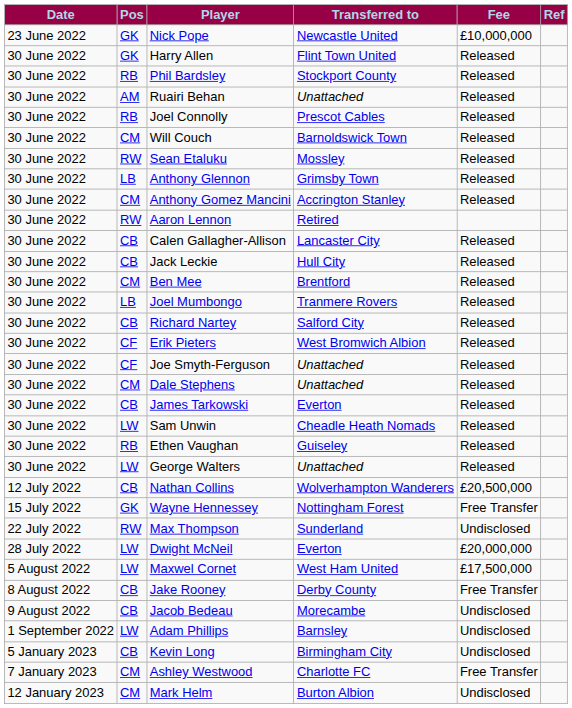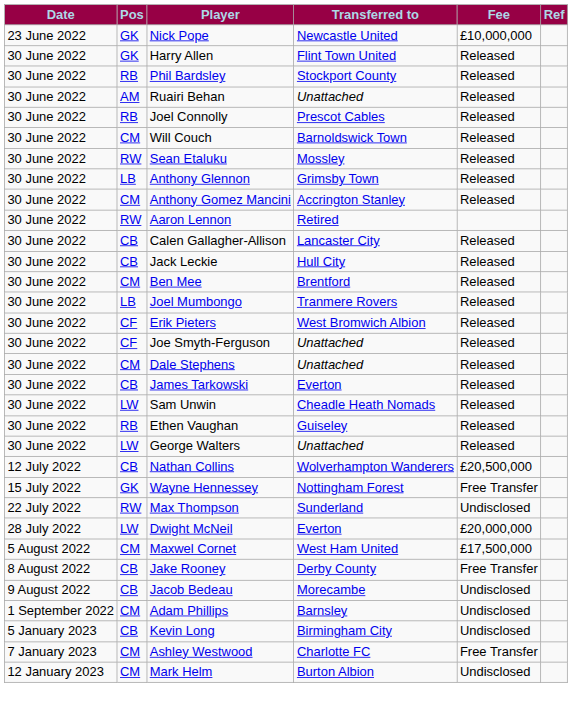 <table class="wikitable plainrowheaders sortable">
 <tr>
 <th style="background:#970045; color:#ADD8E6; ">Date</th>
 <th style="background:#970045; color:#ADD8E6; ">Pos</th>
 <th style="background:#970045; color:#ADD8E6; ">Player</th>
 <th style="background:#970045; color:#ADD8E6; ">Transferred to</th>
 <th style="background:#970045; color:#ADD8E6; ">Fee</th>
 <th style="background:#970045; color:#ADD8E6; ">Ref</th>
 </tr>
 <tr>
 <td>23 June 2022</td>
 <td><a href='#'>GK</a></td>
 <td> <a href='#'>Nick Pope</a></td>
 <td> <a href='#'>Newcastle United</a></td>
 <td>£10,000,000</td>
 <td></td>
 </tr>
 <tr>
 <td>30 June 2022</td>
 <td><a href='#'>GK</a></td>
 <td> Harry Allen</td>
 <td> <a href='#'>Flint Town United</a></td>
 <td>Released</td>
 <td></td>
 </tr>
 <tr>
 <td>30 June 2022</td>
 <td><a href='#'>RB</a></td>
 <td> <a href='#'>Phil Bardsley</a></td>
 <td> <a href='#'>Stockport County</a></td>
 <td>Released</td>
 <td></td>
 </tr>
 <tr>
 <td>30 June 2022</td>
 <td><a href='#'>AM</a></td>
 <td> Ruairi Behan</td>
 <td> <em>Unattached</em></td>
 <td>Released</td>
 <td></td>
 </tr>
 <tr>
 <td>30 June 2022</td>
 <td><a href='#'>RB</a></td>
 <td> Joel Connolly</td>
 <td> <a href='#'>Prescot Cables</a></td>
 <td>Released</td>
 <td></td>
 </tr>
 <tr>
 <td>30 June 2022</td>
 <td><a href='#'>CM</a></td>
 <td> Will Couch</td>
 <td> <a href='#'>Barnoldswick Town</a></td>
 <td>Released</td>
 <td></td>
 </tr>
 <tr>
 <td>30 June 2022</td>
 <td><a href='#'>RW</a></td>
 <td> <a href='#'>Sean Etaluku</a></td>
 <td> <a href='#'>Mossley</a></td>
 <td>Released</td>
 <td></td>
 </tr>
 <tr>
 <td>30 June 2022</td>
 <td><a href='#'>LB</a></td>
 <td> <a href='#'>Anthony Glennon</a></td>
 <td> <a href='#'>Grimsby Town</a></td>
 <td>Released</td>
 <td></td>
 </tr>
 <tr>
 <td>30 June 2022</td>
 <td><a href='#'>CM</a></td>
 <td> <a href='#'>Anthony Gomez Mancini</a></td>
 <td> <a href='#'>Accrington Stanley</a></td>
 <td>Released</td>
 <td></td>
 </tr>
 <tr>
 <td>30 June 2022</td>
 <td><a href='#'>RW</a></td>
 <td> <a href='#'>Aaron Lennon</a></td>
 <td> <a href='#'>Retired</a></td>
 <td></td>
 <td></td>
 </tr>
 <tr>
 <td>30 June 2022</td>
 <td><a href='#'>CB</a></td>
 <td> Calen Gallagher-Allison</td>
 <td> <a href='#'>Lancaster City</a></td>
 <td>Released</td>
 <td></td>
 </tr>
 <tr>
 <td>30 June 2022</td>
 <td><a href='#'>CB</a></td>
 <td> Jack Leckie</td>
 <td> <a href='#'>Hull City</a></td>
 <td>Released</td>
 <td></td>
 </tr>
 <tr>
 <td>30 June 2022</td>
 <td><a href='#'>CM</a></td>
 <td> <a href='#'>Ben Mee</a></td>
 <td> <a href='#'>Brentford</a></td>
 <td>Released</td>
 <td></td>
 </tr>
 <tr>
 <td>30 June 2022</td>
 <td><a href='#'>LB</a></td>
 <td> <a href='#'>Joel Mumbongo</a></td>
 <td> <a href='#'>Tranmere Rovers</a></td>
 <td>Released</td>
 <td></td>
 </tr>
 <tr>
 <td>30 June 2022</td>
-<td><a href='#'>CB</a></td>
-<td> <a href='#'>Richard Nartey</a></td>
-<td> <a href='#'>Salford City</a></td>
-<td>Released</td>
-<td></td>
-</tr>
-<tr>
-<td>30 June 2022</td>
 <td><a href='#'>CF</a></td>
 <td> <a href='#'>Erik Pieters</a></td>
 <td> <a href='#'>West Bromwich Albion</a></td>
 <td>Released</td>
 <td></td>
 </tr>
 <tr>
 <td>30 June 2022</td>
 <td><a href='#'>CF</a></td>
 <td> Joe Smyth-Ferguson</td>
 <td> <em>Unattached</em></td>
 <td>Released</td>
 <td></td>
 </tr>
 <tr>
 <td>30 June 2022</td>
 <td><a href='#'>CM</a></td>
 <td> <a href='#'>Dale Stephens</a></td>
 <td> <em>Unattached</em></td>
 <td>Released</td>
 <td></td>
 </tr>
 <tr>
 <td>30 June 2022</td>
 <td><a href='#'>CB</a></td>
 <td> <a href='#'>James Tarkowski</a></td>
 <td> <a href='#'>Everton</a></td>
 <td>Released</td>
 <td></td>
 </tr>
 <tr>
 <td>30 June 2022</td>
 <td><a href='#'>LW</a></td>
 <td> Sam Unwin</td>
 <td> <a href='#'>Cheadle Heath Nomads</a></td>
 <td>Released</td>
 <td></td>
 </tr>
 <tr>
 <td>30 June 2022</td>
 <td><a href='#'>RB</a></td>
 <td> Ethen Vaughan</td>
 <td> <a href='#'>Guiseley</a></td>
 <td>Released</td>
 <td></td>
 </tr>
 <tr>
 <td>30 June 2022</td>
 <td><a href='#'>LW</a></td>
 <td> George Walters</td>
 <td> <em>Unattached</em></td>
 <td>Released</td>
 <td></td>
 </tr>
 <tr>
 <td>12 July 2022</td>
 <td><a href='#'>CB</a></td>
 <td> <a href='#'>Nathan Collins</a></td>
 <td> <a href='#'>Wolverhampton Wanderers</a></td>
 <td>£20,500,000</td>
 <td></td>
 </tr>
 <tr>
 <td>15 July 2022</td>
 <td><a href='#'>GK</a></td>
 <td> <a href='#'>Wayne Hennessey</a></td>
 <td> <a href='#'>Nottingham Forest</a></td>
 <td>Free Transfer</td>
 <td></td>
 </tr>
 <tr>
 <td>22 July 2022</td>
 <td><a href='#'>RW</a></td>
 <td> <a href='#'>Max Thompson</a></td>
 <td> <a href='#'>Sunderland</a></td>
 <td>Undisclosed</td>
 <td></td>
 </tr>
 <tr>
 <td>28 July 2022</td>
 <td><a href='#'>LW</a></td>
 <td> <a href='#'>Dwight McNeil</a></td>
 <td> <a href='#'>Everton</a></td>
 <td>£20,000,000</td>
 <td></td>
 </tr>
 <tr>
 <td>5 August 2022</td>
-<td><a href='#'>LW</a></td>
+<td><a href='#'>CM</a></td>
 <td> <a href='#'>Maxwel Cornet</a></td>
 <td> <a href='#'>West Ham United</a></td>
 <td>£17,500,000</td>
 <td></td>
 </tr>
 <tr>
 <td>8 August 2022</td>
 <td><a href='#'>CB</a></td>
 <td> <a href='#'>Jake Rooney</a></td>
 <td> <a href='#'>Derby County</a></td>
 <td>Free Transfer</td>
 <td></td>
 </tr>
 <tr>
 <td>9 August 2022</td>
 <td><a href='#'>CB</a></td>
 <td> <a href='#'>Jacob Bedeau</a></td>
 <td> <a href='#'>Morecambe</a></td>
 <td>Undisclosed</td>
 <td></td>
 </tr>
 <tr>
 <td>1 September 2022</td>
-<td><a href='#'>LW</a></td>
+<td><a href='#'>CM</a></td>
 <td> <a href='#'>Adam Phillips</a></td>
 <td> <a href='#'>Barnsley</a></td>
 <td>Undisclosed</td>
 <td></td>
 </tr>
 <tr>
 <td>5 January 2023</td>
 <td><a href='#'>CB</a></td>
 <td> <a href='#'>Kevin Long</a></td>
 <td> <a href='#'>Birmingham City</a></td>
 <td>Undisclosed</td>
 <td></td>
 </tr>
 <tr>
 <td>7 January 2023</td>
 <td><a href='#'>CM</a></td>
 <td> <a href='#'>Ashley Westwood</a></td>
 <td> <a href='#'>Charlotte FC</a></td>
 <td>Free Transfer</td>
 <td></td>
 </tr>
 <tr>
 <td>12 January 2023</td>
 <td><a href='#'>CM</a></td>
 <td> <a href='#'>Mark Helm</a></td>
 <td> <a href='#'>Burton Albion</a></td>
 <td>Undisclosed</td>
 <td></td>
 </tr>
 </table>
